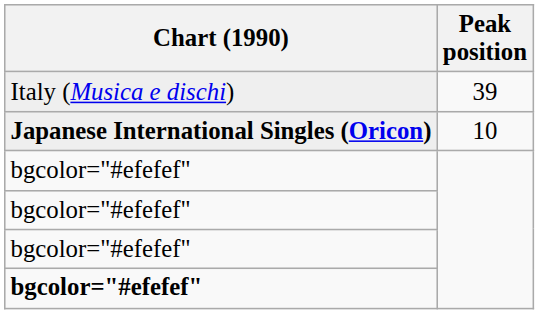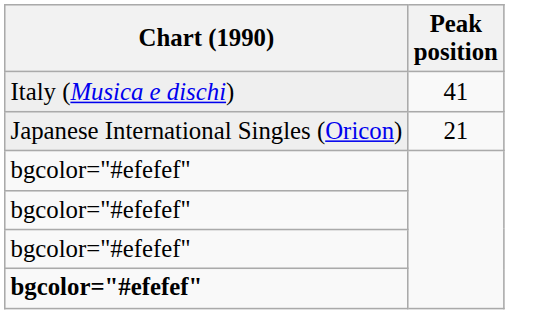 <table class="wikitable sortable plainrowheaders">
 <tr>
 <th>Chart (1990)</th>
 <th>Peak<br>position</th>
 </tr>
 <tr>
 <td bgcolor="#efefef">Italy (<em><a href='#'>Musica e dischi</a></em>)</td>
-<td align="center">39</td>
+<td align="center">41</td>
 </tr>
 <tr>
-<td bgcolor="#efefef"><strong>Japanese International Singles (<a href='#'>Oricon</a>)</strong></td>
-<td align="center">10</td>
+<td bgcolor="#efefef">Japanese International Singles (<a href='#'>Oricon</a>)</td>
+<td align="center">21</td>
 </tr>
 <tr>
 <td>bgcolor="#efefef" </td>
 </tr>
 <tr>
 <td>bgcolor="#efefef" </td>
 </tr>
 <tr>
 <td>bgcolor="#efefef" </td>
 </tr>
 <tr>
 <td><strong>bgcolor="#efefef" </strong></td>
 </tr>
 </table>
